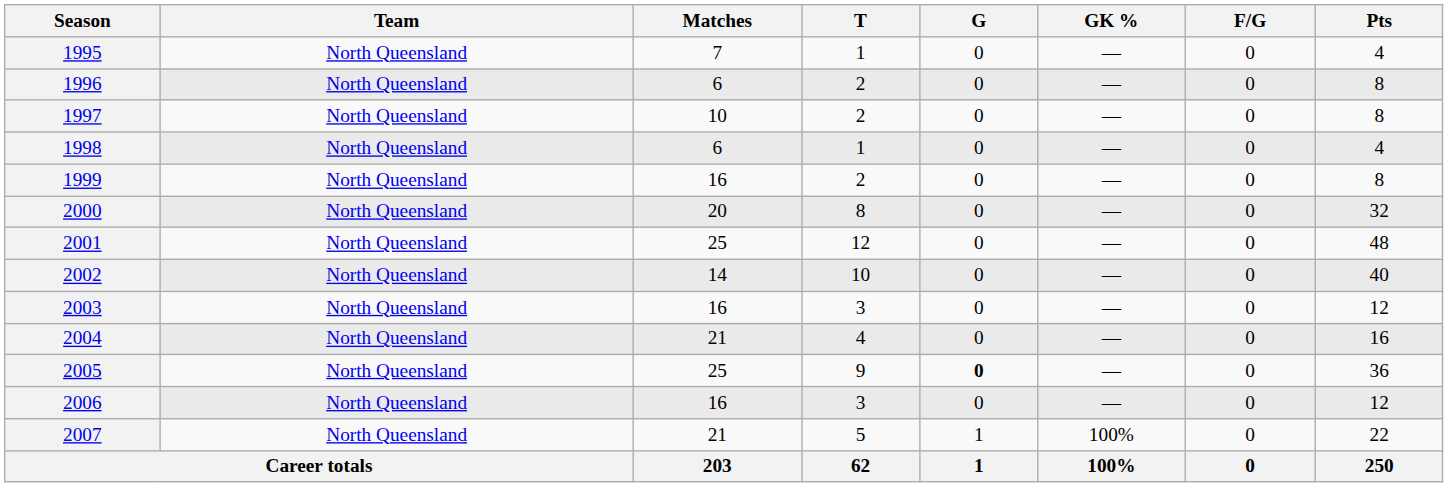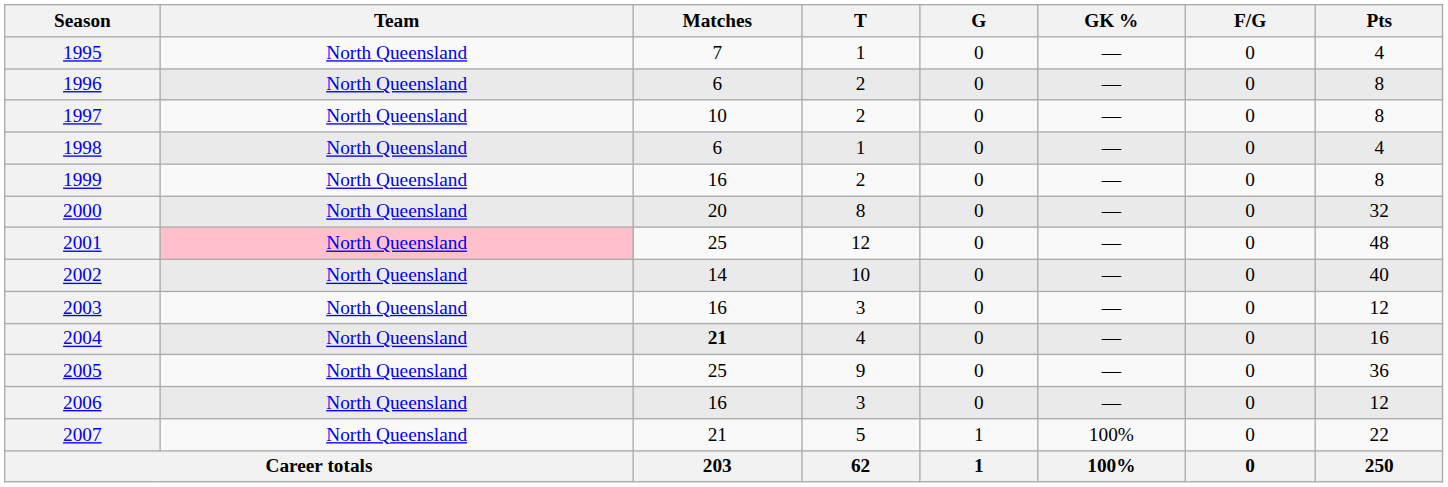 <table class="wikitable sortable"  style="font-size:90%; text-align:center; width:85%;">
 <tr>
 <th width=2%>Season</th>
 <th width=8%>Team</th>
 <th width=2%>Matches</th>
 <th width=2%>T</th>
 <th width=2%>G</th>
 <th width=2%>GK %</th>
 <th width=2%>F/G</th>
 <th width=2%>Pts</th>
 </tr>
 <tr>
 <th scope="row" style="text-align:center; font-weight:normal"><a href='#'>1995</a></th>
 <td style="text-align:center;"> <a href='#'>North Queensland</a></td>
 <td>7</td>
 <td>1</td>
 <td>0</td>
 <td>—</td>
 <td>0</td>
 <td>4</td>
 </tr>
 <tr style="background-color: #EAEAEA">
 <th scope="row" style="text-align:center; font-weight:normal"><a href='#'>1996</a></th>
 <td style="text-align:center;"> <a href='#'>North Queensland</a></td>
 <td>6</td>
 <td>2</td>
 <td>0</td>
 <td>—</td>
 <td>0</td>
 <td>8</td>
 </tr>
 <tr>
 <th scope="row" style="text-align:center; font-weight:normal"><a href='#'>1997</a></th>
 <td style="text-align:center;"> <a href='#'>North Queensland</a></td>
 <td>10</td>
 <td>2</td>
 <td>0</td>
 <td>—</td>
 <td>0</td>
 <td>8</td>
 </tr>
 <tr style="background-color: #EAEAEA">
 <th scope="row" style="text-align:center; font-weight:normal"><a href='#'>1998</a></th>
 <td style="text-align:center;"> <a href='#'>North Queensland</a></td>
 <td>6</td>
 <td>1</td>
 <td>0</td>
 <td>—</td>
 <td>0</td>
 <td>4</td>
 </tr>
 <tr>
 <th scope="row" style="text-align:center; font-weight:normal"><a href='#'>1999</a></th>
 <td style="text-align:center;"> <a href='#'>North Queensland</a></td>
 <td>16</td>
 <td>2</td>
 <td>0</td>
 <td>—</td>
 <td>0</td>
 <td>8</td>
 </tr>
 <tr style="background-color: #EAEAEA">
 <th scope="row" style="text-align:center; font-weight:normal"><a href='#'>2000</a></th>
 <td style="text-align:center;"> <a href='#'>North Queensland</a></td>
 <td>20</td>
 <td>8</td>
 <td>0</td>
 <td>—</td>
 <td>0</td>
 <td>32</td>
 </tr>
 <tr>
 <th scope="row" style="text-align:center; font-weight:normal"><a href='#'>2001</a></th>
-<td style="text-align:center;"> <a href='#'>North Queensland</a></td>
+<td style="background: pink; text-align:center;"> <a href='#'>North Queensland</a></td>
 <td>25</td>
 <td>12</td>
 <td>0</td>
 <td>—</td>
 <td>0</td>
 <td>48</td>
 </tr>
 <tr style="background-color: #EAEAEA">
 <th scope="row" style="text-align:center; font-weight:normal"><a href='#'>2002</a></th>
 <td style="text-align:center;"> <a href='#'>North Queensland</a></td>
 <td>14</td>
 <td>10</td>
 <td>0</td>
 <td>—</td>
 <td>0</td>
 <td>40</td>
 </tr>
 <tr>
 <th scope="row" style="text-align:center; font-weight:normal"><a href='#'>2003</a></th>
 <td style="text-align:center;"> <a href='#'>North Queensland</a></td>
 <td>16</td>
 <td>3</td>
 <td>0</td>
 <td>—</td>
 <td>0</td>
 <td>12</td>
 </tr>
 <tr style="background-color: #EAEAEA">
 <th scope="row" style="text-align:center; font-weight:normal"><a href='#'>2004</a></th>
 <td style="text-align:center;"> <a href='#'>North Queensland</a></td>
-<td>21</td>
+<td><strong>21</strong></td>
 <td>4</td>
 <td>0</td>
 <td>—</td>
 <td>0</td>
 <td>16</td>
 </tr>
 <tr>
 <th scope="row" style="text-align:center; font-weight:normal"><a href='#'>2005</a></th>
 <td style="text-align:center;"> <a href='#'>North Queensland</a></td>
 <td>25</td>
 <td>9</td>
-<td><strong>0</strong></td>
+<td>0</td>
 <td>—</td>
 <td>0</td>
 <td>36</td>
 </tr>
 <tr style="background-color: #EAEAEA">
 <th scope="row" style="text-align:center; font-weight:normal"><a href='#'>2006</a></th>
 <td style="text-align:center;"> <a href='#'>North Queensland</a></td>
 <td>16</td>
 <td>3</td>
 <td>0</td>
 <td>—</td>
 <td>0</td>
 <td>12</td>
 </tr>
 <tr>
 <th scope="row" style="text-align:center; font-weight:normal"><a href='#'>2007</a></th>
 <td style="text-align:center;"> <a href='#'>North Queensland</a></td>
 <td>21</td>
 <td>5</td>
 <td>1</td>
 <td>100%</td>
 <td>0</td>
 <td>22</td>
 </tr>
 <tr class="sortbottom">
 <th colspan=2>Career totals</th>
 <th>203</th>
 <th>62</th>
 <th>1</th>
 <th>100%</th>
 <th>0</th>
 <th>250</th>
 </tr>
 </table>
